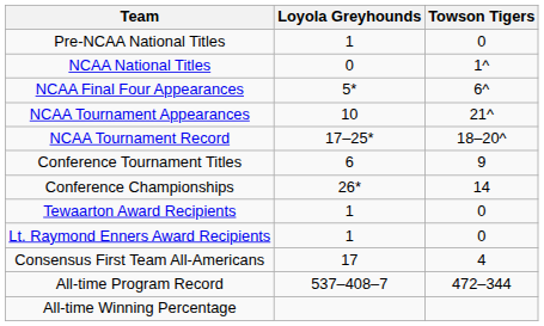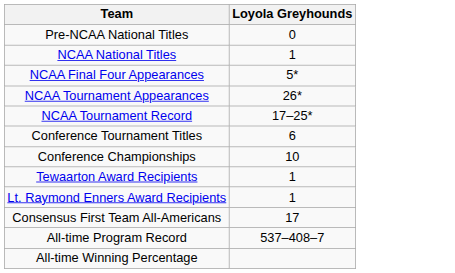 <table class="wikitable" style="text-align:center;">
 <tr>
 <th>Team</th>
 <th>Loyola Greyhounds</th>
-<th>Towson Tigers</th>
 </tr>
 <tr>
 <td>Pre-NCAA National Titles</td>
-<td style=>1</td>
-<td>0</td>
+<td style=>0</td>
 </tr>
 <tr>
 <td><a href='#'>NCAA National Titles</a></td>
-<td style=>0</td>
-<td>1^</td>
+<td style=>1</td>
 </tr>
 <tr>
 <td><a href='#'>NCAA Final Four Appearances</a></td>
 <td>5*</td>
-<td>6^</td>
 </tr>
 <tr>
 <td><a href='#'>NCAA Tournament Appearances</a></td>
-<td>10</td>
-<td>21^</td>
+<td>26*</td>
 </tr>
 <tr>
 <td><a href='#'>NCAA Tournament Record</a></td>
 <td>17–25*</td>
-<td>18–20^</td>
 </tr>
 <tr>
 <td>Conference Tournament Titles</td>
 <td>6</td>
-<td>9</td>
 </tr>
 <tr>
 <td>Conference Championships</td>
-<td>26*</td>
-<td>14</td>
+<td>10</td>
 </tr>
 <tr>
 <td><a href='#'>Tewaarton Award Recipients</a></td>
 <td>1</td>
-<td>0</td>
 </tr>
 <tr>
 <td><a href='#'>Lt. Raymond Enners Award Recipients</a></td>
 <td>1</td>
-<td>0</td>
 </tr>
 <tr>
 <td>Consensus First Team All-Americans</td>
 <td>17</td>
-<td>4</td>
 </tr>
 <tr>
 <td>All-time Program Record</td>
 <td>537–408–7</td>
-<td>472–344</td>
 </tr>
 <tr>
 <td>All-time Winning Percentage</td>
 <td></td>
-<td></td>
 </tr>
 </table>
